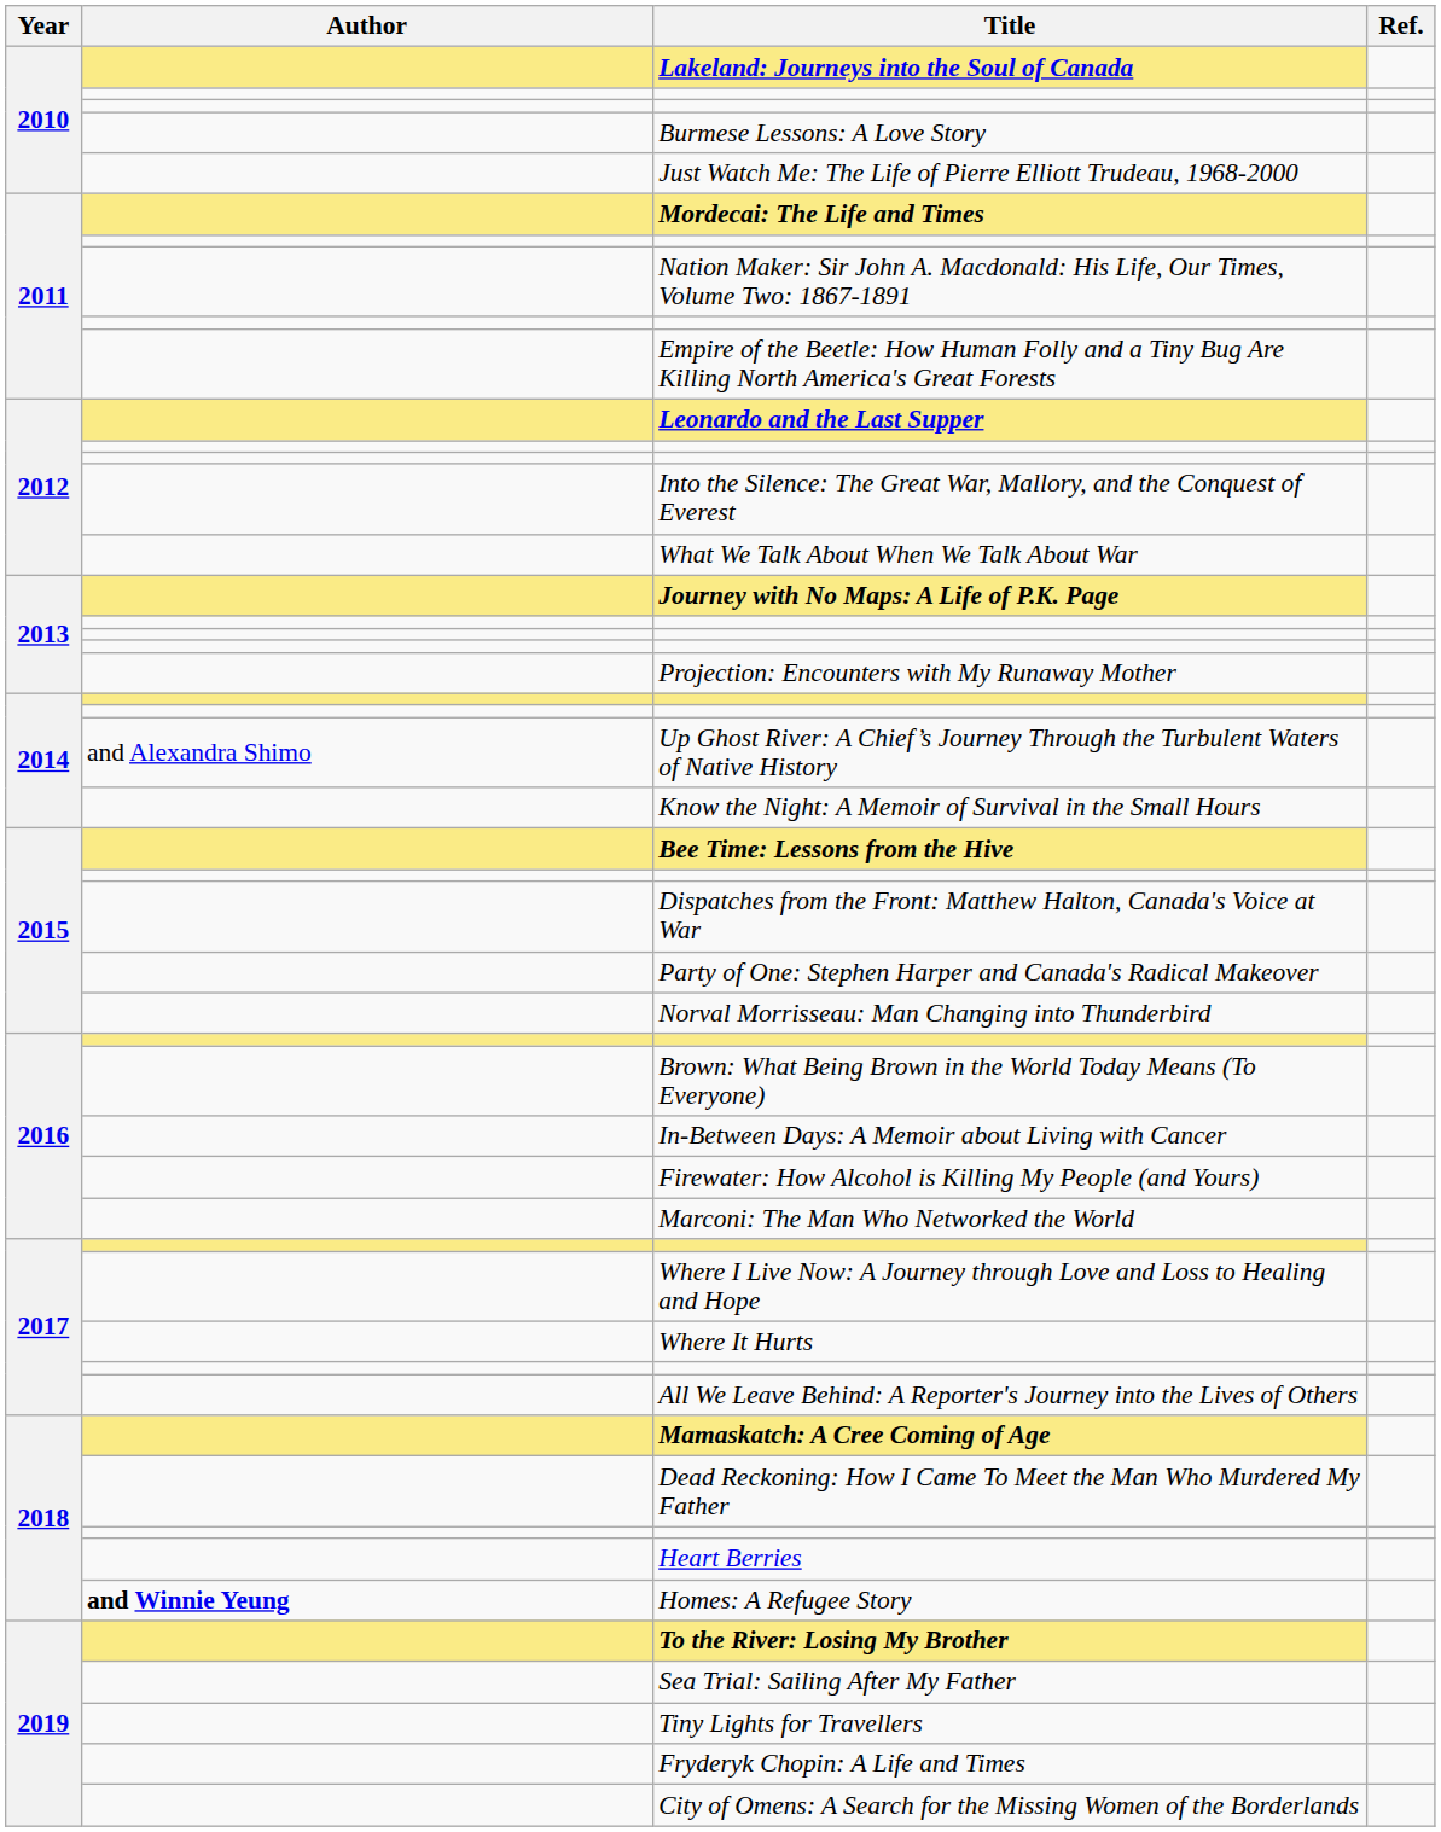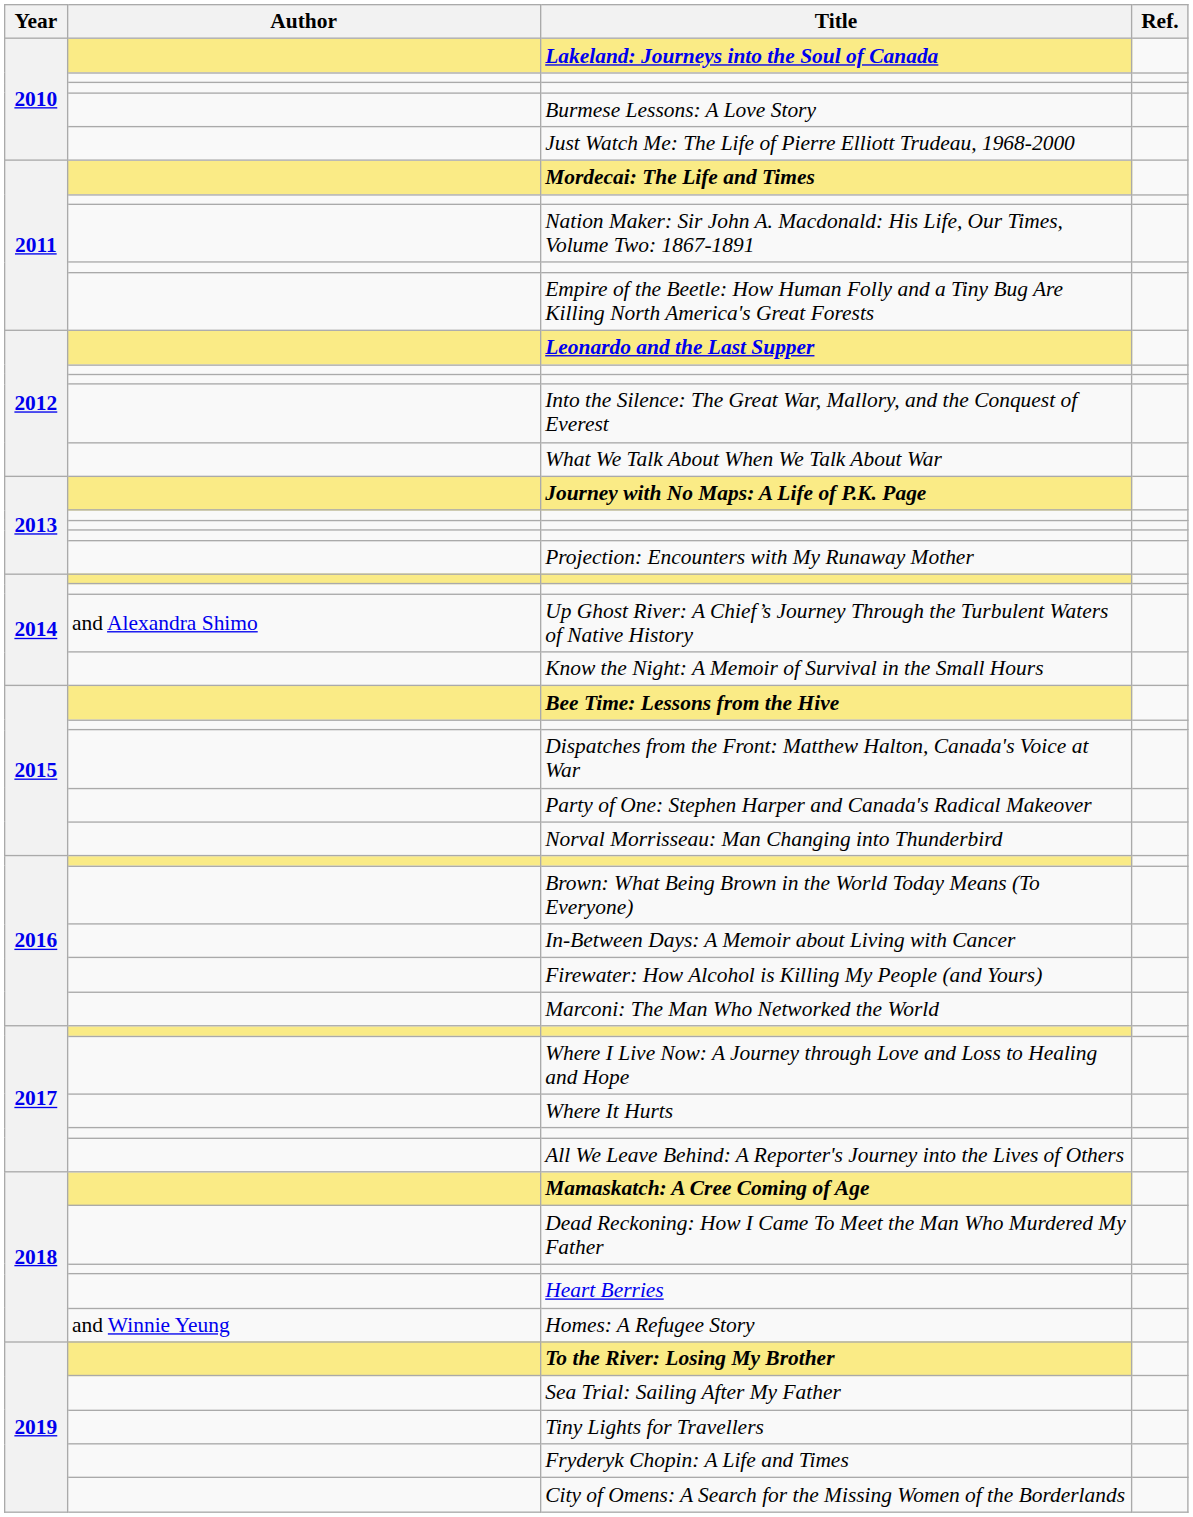 <table class="wikitable" width=100%>
 <tr>
 <th>Year</th>
 <th width="40%">Author</th>
 <th width="50%">Title</th>
 <th>Ref.</th>
 </tr>
 <tr>
 <th rowspan="5"><a href='#'>2010</a></th>
 <td style="background:#FAEB86"><strong></strong></td>
 <td style="background:#FAEB86"><strong><em><a href='#'>Lakeland: Journeys into the Soul of Canada</a></em></strong></td>
 <td></td>
 </tr>
 <tr>
 <td></td>
 <td><em></em></td>
 <td></td>
 </tr>
 <tr>
 <td></td>
 <td><em></em></td>
 <td></td>
 </tr>
 <tr>
 <td></td>
 <td><em>Burmese Lessons: A Love Story</em></td>
 <td></td>
 </tr>
 <tr>
 <td></td>
 <td><em>Just Watch Me: The Life of Pierre Elliott Trudeau, 1968-2000</em></td>
 <td></td>
 </tr>
 <tr>
 <th rowspan="5"><a href='#'>2011</a></th>
 <td style="background:#FAEB86"><strong></strong></td>
 <td style="background:#FAEB86"><strong><em>Mordecai: The Life and Times</em></strong></td>
 <td></td>
 </tr>
 <tr>
 <td></td>
 <td><em></em></td>
 <td></td>
 </tr>
 <tr>
 <td></td>
 <td><em>Nation Maker: Sir John A. Macdonald: His Life, Our Times, Volume Two: 1867-1891</em></td>
 <td></td>
 </tr>
 <tr>
 <td></td>
 <td><em></em></td>
 <td></td>
 </tr>
 <tr>
 <td></td>
 <td><em>Empire of the Beetle: How Human Folly and a Tiny Bug Are Killing North America's Great Forests</em></td>
 <td></td>
 </tr>
 <tr>
 <th rowspan="5"><a href='#'>2012</a></th>
 <td style="background:#FAEB86"><strong></strong></td>
 <td style="background:#FAEB86"><strong><em><a href='#'>Leonardo and the Last Supper</a></em></strong></td>
 <td></td>
 </tr>
 <tr>
 <td></td>
 <td><em></em></td>
 <td></td>
 </tr>
 <tr>
 <td></td>
 <td><em></em></td>
 <td></td>
 </tr>
 <tr>
 <td></td>
 <td><em>Into the Silence: The Great War, Mallory, and the Conquest of Everest</em></td>
 <td></td>
 </tr>
 <tr>
 <td></td>
 <td><em>What We Talk About When We Talk About War</em></td>
 <td></td>
 </tr>
 <tr>
 <th rowspan="5"><a href='#'>2013</a></th>
 <td style="background:#FAEB86"><strong></strong></td>
 <td style="background:#FAEB86"><strong><em>Journey with No Maps: A Life of P.K. Page</em></strong></td>
 <td><strong><em></em></strong></td>
 </tr>
 <tr>
 <td></td>
 <td><em></em></td>
 <td></td>
 </tr>
 <tr>
 <td></td>
 <td><em></em></td>
 <td></td>
 </tr>
 <tr>
 <td></td>
 <td><em></em></td>
 <td></td>
 </tr>
 <tr>
 <td></td>
 <td><em>Projection: Encounters with My Runaway Mother</em></td>
 <td></td>
 </tr>
 <tr>
 <th rowspan="4"><a href='#'>2014</a></th>
 <td style="background:#FAEB86"><strong></strong></td>
 <td style="background:#FAEB86"><strong><em></em></strong></td>
 <td></td>
 </tr>
 <tr>
 <td></td>
 <td><em></em></td>
 <td></td>
 </tr>
 <tr>
 <td> and <a href='#'>Alexandra Shimo</a></td>
 <td><em>Up Ghost River: A Chief’s Journey Through the Turbulent Waters of Native History</em></td>
 <td></td>
 </tr>
 <tr>
 <td></td>
 <td><em>Know the Night: A Memoir of Survival in the Small Hours</em></td>
 <td></td>
 </tr>
 <tr>
 <th rowspan="5"><a href='#'>2015</a></th>
 <td style="background:#FAEB86"><strong></strong></td>
 <td style="background:#FAEB86"><strong><em>Bee Time: Lessons from the Hive</em></strong></td>
 <td></td>
 </tr>
 <tr>
 <td></td>
 <td><em></em></td>
 <td></td>
 </tr>
 <tr>
 <td></td>
 <td><em>Dispatches from the Front: Matthew Halton, Canada's Voice at War</em></td>
 <td></td>
 </tr>
 <tr>
 <td></td>
 <td><em>Party of One: Stephen Harper and Canada's Radical Makeover</em></td>
 <td></td>
 </tr>
 <tr>
 <td></td>
 <td><em>Norval Morrisseau: Man Changing into Thunderbird</em></td>
 <td></td>
 </tr>
 <tr>
 <th rowspan="5"><a href='#'>2016</a></th>
 <td style="background:#FAEB86"><strong></strong></td>
 <td style="background:#FAEB86"><strong><em></em></strong></td>
 <td></td>
 </tr>
 <tr>
 <td></td>
 <td><em>Brown: What Being Brown in the World Today Means (To Everyone)</em></td>
 <td></td>
 </tr>
 <tr>
 <td></td>
 <td><em>In-Between Days: A Memoir about Living with Cancer</em></td>
 <td></td>
 </tr>
 <tr>
 <td></td>
 <td><em>Firewater: How Alcohol is Killing My People (and Yours)</em></td>
 <td></td>
 </tr>
 <tr>
 <td></td>
 <td><em>Marconi: The Man Who Networked the World</em></td>
 <td></td>
 </tr>
 <tr>
 <th rowspan="5"><a href='#'>2017</a></th>
 <td style="background:#FAEB86"><strong></strong></td>
 <td style="background:#FAEB86"><strong><em></em></strong></td>
 <td></td>
 </tr>
 <tr>
 <td></td>
 <td><em>Where I Live Now: A Journey through Love and Loss to Healing and Hope</em></td>
 <td></td>
 </tr>
 <tr>
 <td></td>
 <td><em>Where It Hurts</em></td>
 <td></td>
 </tr>
 <tr>
 <td></td>
 <td><em></em></td>
 <td></td>
 </tr>
 <tr>
 <td></td>
 <td><em>All We Leave Behind: A Reporter's Journey into the Lives of Others</em></td>
 <td></td>
 </tr>
 <tr>
 <th rowspan="5"><a href='#'>2018</a></th>
 <td style="background:#FAEB86"><strong></strong></td>
 <td style="background:#FAEB86"><strong><em>Mamaskatch: A Cree Coming of Age</em></strong></td>
 <td></td>
 </tr>
 <tr>
 <td></td>
 <td><em>Dead Reckoning: How I Came To Meet the Man Who Murdered My Father</em></td>
 <td></td>
 </tr>
 <tr>
 <td></td>
 <td><em></em></td>
 <td></td>
 </tr>
 <tr>
 <td></td>
 <td><em><a href='#'>Heart Berries</a></em></td>
 <td></td>
 </tr>
 <tr>
-<td><strong> and <a href='#'>Winnie Yeung</a></strong></td>
+<td> and <a href='#'>Winnie Yeung</a></td>
 <td><em>Homes: A Refugee Story</em></td>
 <td></td>
 </tr>
 <tr>
 <th rowspan="5"><a href='#'>2019</a></th>
 <td style="background:#FAEB86"><strong></strong></td>
 <td style="background:#FAEB86"><strong><em>To the River: Losing My Brother</em></strong></td>
 <td></td>
 </tr>
 <tr>
 <td></td>
 <td><em>Sea Trial: Sailing After My Father</em></td>
 <td></td>
 </tr>
 <tr>
 <td></td>
 <td><em>Tiny Lights for Travellers</em></td>
 <td></td>
 </tr>
 <tr>
 <td></td>
 <td><em>Fryderyk Chopin: A Life and Times</em></td>
 <td></td>
 </tr>
 <tr>
 <td></td>
 <td><em>City of Omens: A Search for the Missing Women of the Borderlands</em></td>
 <td></td>
 </tr>
 </table>
